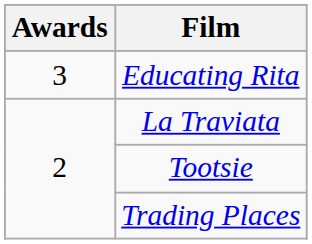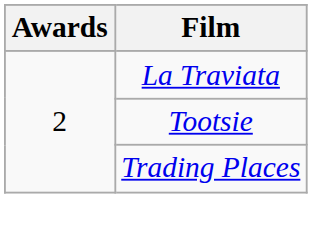 <table class="wikitable" style="text-align:center;">
 <tr>
 <th style="background:">Awards</th>
 <th style="background:">Film</th>
-</tr>
-<tr>
-<td>3</td>
-<td><em><a href='#'>Educating Rita</a></em></td>
 </tr>
 <tr>
 <td rowspan="3">2</td>
 <td><em><a href='#'>La Traviata</a></em></td>
 </tr>
 <tr>
 <td><em><a href='#'>Tootsie</a></em></td>
 </tr>
 <tr>
 <td><em><a href='#'>Trading Places</a></em></td>
 </tr>
 </table>
